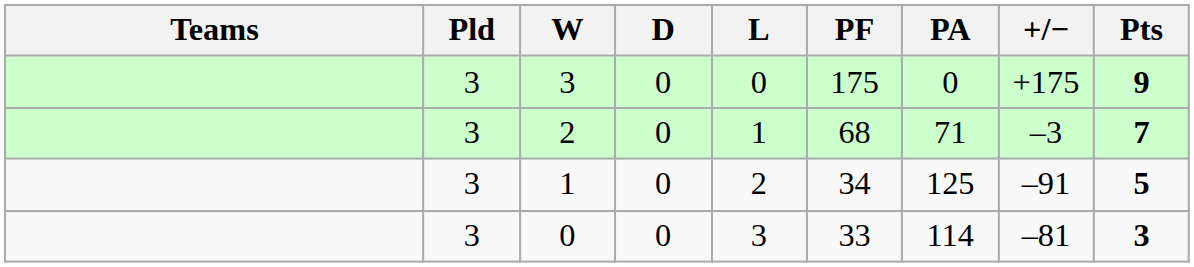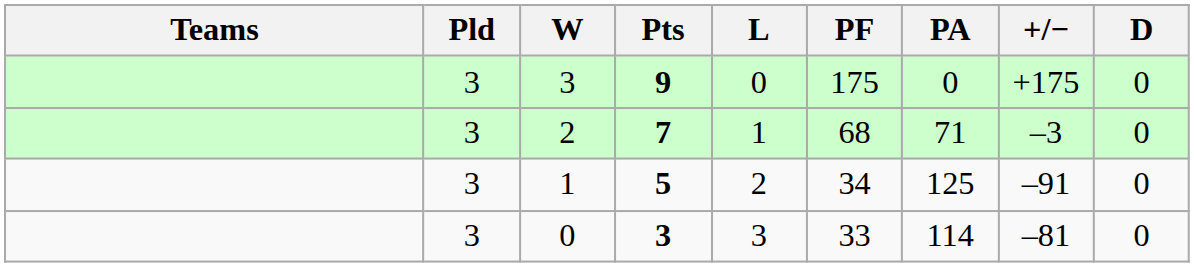 <table class="wikitable" style="text-align: center;">
 <tr>
 <th width="200">Teams</th>
 <th width="40">Pld</th>
 <th width="40">W</th>
-<th width="40">D</th>
+<th width="40">Pts</th>
 <th width="40">L</th>
 <th width="40">PF</th>
 <th width="40">PA</th>
 <th width="40">+/−</th>
-<th width="40">Pts</th>
+<th width="40">D</th>
 </tr>
 <tr style="background:#cfc; width:20px;">
 <td align=left></td>
 <td>3</td>
 <td>3</td>
-<td>0</td>
+<td><strong>9</strong></td>
 <td>0</td>
 <td>175</td>
 <td>0</td>
 <td>+175</td>
-<td><strong>9</strong></td>
+<td>0</td>
 </tr>
 <tr style="background:#cfc; width:20px;">
 <td align=left></td>
 <td>3</td>
 <td>2</td>
-<td>0</td>
+<td><strong>7</strong></td>
 <td>1</td>
 <td>68</td>
 <td>71</td>
 <td>–3</td>
-<td><strong>7</strong></td>
+<td>0</td>
 </tr>
 <tr>
 <td align=left></td>
 <td>3</td>
 <td>1</td>
-<td>0</td>
+<td><strong>5</strong></td>
 <td>2</td>
 <td>34</td>
 <td>125</td>
 <td>–91</td>
-<td><strong>5</strong></td>
+<td>0</td>
 </tr>
 <tr>
 <td align=left></td>
 <td>3</td>
 <td>0</td>
-<td>0</td>
+<td><strong>3</strong></td>
 <td>3</td>
 <td>33</td>
 <td>114</td>
 <td>–81</td>
-<td><strong>3</strong></td>
+<td>0</td>
 </tr>
 </table>
